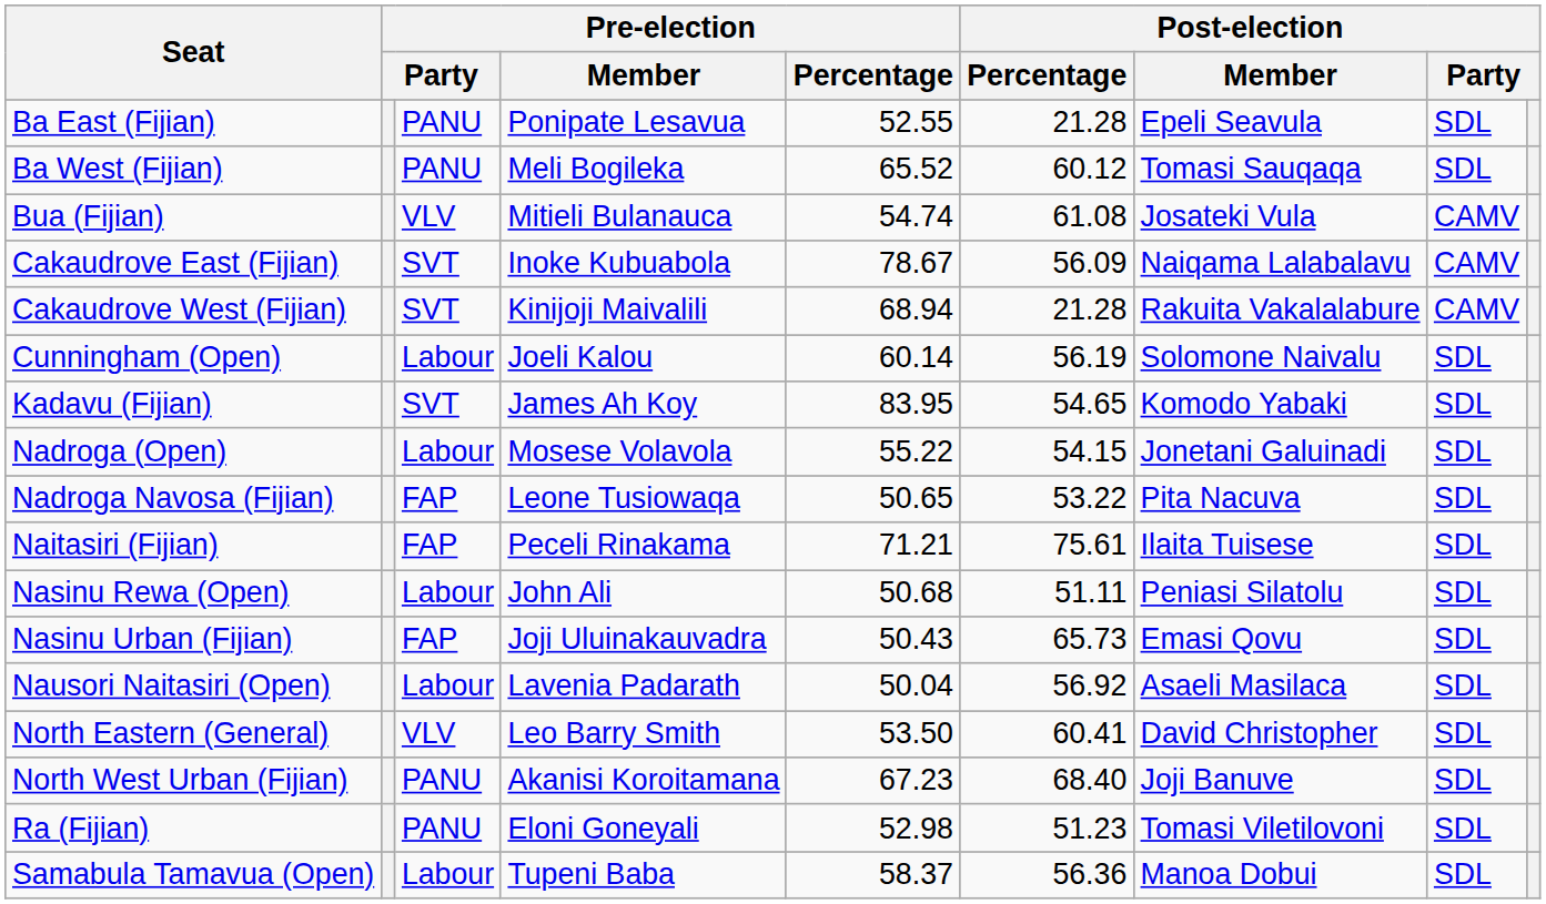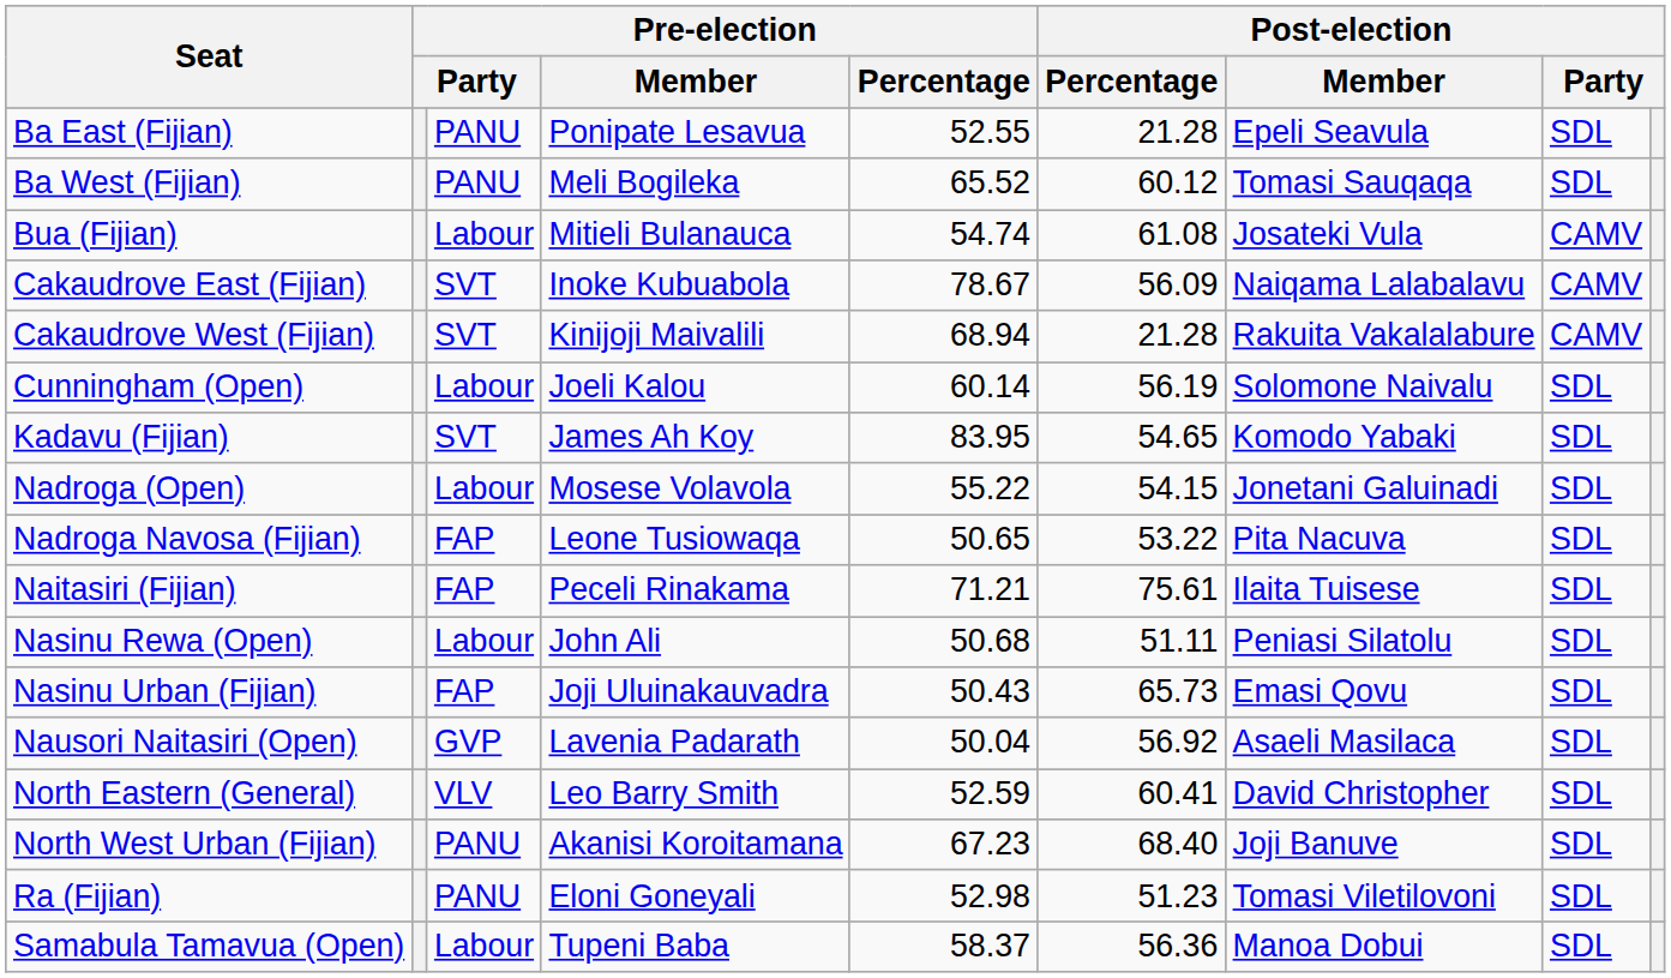 <table class="wikitable sortable">
 <tr style="text-align:center">
 <th rowspan="2">Seat</th>
 <th colspan="4">Pre-election</th>
 <th colspan="4">Post-election</th>
 </tr>
 <tr style="text-align:center">
 <th colspan="2">Party</th>
 <th>Member</th>
 <th>Percentage</th>
 <th>Percentage</th>
 <th>Member</th>
 <th colspan="2">Party</th>
 </tr>
 <tr>
 <td><a href='#'>Ba East (Fijian)</a></td>
 <th style="background-color: "></th>
 <td><a href='#'>PANU</a></td>
 <td><a href='#'>Ponipate Lesavua</a></td>
 <td style="text-align:right;">52.55</td>
 <td style="text-align:right;">21.28</td>
 <td><a href='#'>Epeli Seavula</a></td>
 <td><a href='#'>SDL</a></td>
 <th style="background-color: "></th>
 </tr>
 <tr>
 <td><a href='#'>Ba West (Fijian)</a></td>
 <th style="background-color: "></th>
 <td><a href='#'>PANU</a></td>
 <td><a href='#'>Meli Bogileka</a></td>
 <td style="text-align:right;">65.52</td>
 <td style="text-align:right;">60.12</td>
 <td><a href='#'>Tomasi Sauqaqa</a></td>
 <td><a href='#'>SDL</a></td>
 <th style="background-color: "></th>
 </tr>
 <tr>
 <td><a href='#'>Bua (Fijian)</a></td>
 <th style="background-color: "></th>
-<td><a href='#'>VLV</a></td>
+<td><a href='#'>Labour</a></td>
 <td><a href='#'>Mitieli Bulanauca</a></td>
 <td style="text-align:right;">54.74</td>
 <td style="text-align:right;">61.08</td>
 <td><a href='#'>Josateki Vula</a></td>
 <td><a href='#'>CAMV</a></td>
 <th style="background-color: "></th>
 </tr>
 <tr>
 <td><a href='#'>Cakaudrove East (Fijian)</a></td>
 <th style="background-color: "></th>
 <td><a href='#'>SVT</a></td>
 <td><a href='#'>Inoke Kubuabola</a></td>
 <td style="text-align:right;">78.67</td>
 <td style="text-align:right;">56.09</td>
 <td><a href='#'>Naiqama Lalabalavu</a></td>
 <td><a href='#'>CAMV</a></td>
 <th style="background-color: "></th>
 </tr>
 <tr>
 <td><a href='#'>Cakaudrove West (Fijian)</a></td>
 <th style="background-color: "></th>
 <td><a href='#'>SVT</a></td>
 <td><a href='#'>Kinijoji Maivalili</a></td>
 <td style="text-align:right;">68.94</td>
 <td style="text-align:right;">21.28</td>
 <td><a href='#'>Rakuita Vakalalabure</a></td>
 <td><a href='#'>CAMV</a></td>
 <th style="background-color: "></th>
 </tr>
 <tr>
 <td><a href='#'>Cunningham (Open)</a></td>
 <th style="background-color: "></th>
 <td><a href='#'>Labour</a></td>
 <td><a href='#'>Joeli Kalou</a></td>
 <td style="text-align:right;">60.14</td>
 <td style="text-align:right;">56.19</td>
 <td><a href='#'>Solomone Naivalu</a></td>
 <td><a href='#'>SDL</a></td>
 <th style="background-color: "></th>
 </tr>
 <tr>
 <td><a href='#'>Kadavu (Fijian)</a></td>
 <th style="background-color: "></th>
 <td><a href='#'>SVT</a></td>
 <td><a href='#'>James Ah Koy</a></td>
 <td style="text-align:right;">83.95</td>
 <td style="text-align:right;">54.65</td>
 <td><a href='#'>Komodo Yabaki</a></td>
 <td><a href='#'>SDL</a></td>
 <th style="background-color: "></th>
 </tr>
 <tr>
 <td><a href='#'>Nadroga (Open)</a></td>
 <th style="background-color: "></th>
 <td><a href='#'>Labour</a></td>
 <td><a href='#'>Mosese Volavola</a></td>
 <td style="text-align:right;">55.22</td>
 <td style="text-align:right;">54.15</td>
 <td><a href='#'>Jonetani Galuinadi</a></td>
 <td><a href='#'>SDL</a></td>
 <th style="background-color: "></th>
 </tr>
 <tr>
 <td><a href='#'>Nadroga Navosa (Fijian)</a></td>
 <th style="background-color: "></th>
 <td><a href='#'>FAP</a></td>
 <td><a href='#'>Leone Tusiowaqa</a></td>
 <td style="text-align:right;">50.65</td>
 <td style="text-align:right;">53.22</td>
 <td><a href='#'>Pita Nacuva</a></td>
 <td><a href='#'>SDL</a></td>
 <th style="background-color: "></th>
 </tr>
 <tr>
 <td><a href='#'>Naitasiri (Fijian)</a></td>
 <th style="background-color: "></th>
 <td><a href='#'>FAP</a></td>
 <td><a href='#'>Peceli Rinakama</a></td>
 <td style="text-align:right;">71.21</td>
 <td style="text-align:right;">75.61</td>
 <td><a href='#'>Ilaita Tuisese</a></td>
 <td><a href='#'>SDL</a></td>
 <th style="background-color: "></th>
 </tr>
 <tr>
 <td><a href='#'>Nasinu Rewa (Open)</a></td>
 <th style="background-color: "></th>
 <td><a href='#'>Labour</a></td>
 <td><a href='#'>John Ali</a></td>
 <td style="text-align:right;">50.68</td>
 <td style="text-align:right;">51.11</td>
 <td><a href='#'>Peniasi Silatolu</a></td>
 <td><a href='#'>SDL</a></td>
 <th style="background-color: "></th>
 </tr>
 <tr>
 <td><a href='#'>Nasinu Urban (Fijian)</a></td>
 <th style="background-color: "></th>
 <td><a href='#'>FAP</a></td>
 <td><a href='#'>Joji Uluinakauvadra</a></td>
 <td style="text-align:right;">50.43</td>
 <td style="text-align:right;">65.73</td>
 <td><a href='#'>Emasi Qovu</a></td>
 <td><a href='#'>SDL</a></td>
 <th style="background-color: "></th>
 </tr>
 <tr>
 <td><a href='#'>Nausori Naitasiri (Open)</a></td>
 <th style="background-color: "></th>
-<td><a href='#'>Labour</a></td>
+<td><a href='#'>GVP</a></td>
 <td><a href='#'>Lavenia Padarath</a></td>
 <td style="text-align:right;">50.04</td>
 <td style="text-align:right;">56.92</td>
 <td><a href='#'>Asaeli Masilaca</a></td>
 <td><a href='#'>SDL</a></td>
 <th style="background-color: "></th>
 </tr>
 <tr>
 <td><a href='#'>North Eastern (General)</a></td>
 <th style="background-color: "></th>
 <td><a href='#'>VLV</a></td>
 <td><a href='#'>Leo Barry Smith</a></td>
-<td style="text-align:right;">53.50</td>
+<td style="text-align:right;">52.59</td>
 <td style="text-align:right;">60.41</td>
 <td><a href='#'>David Christopher</a></td>
 <td><a href='#'>SDL</a></td>
 <th style="background-color: "></th>
 </tr>
 <tr>
 <td><a href='#'>North West Urban (Fijian)</a></td>
 <th style="background-color: "></th>
 <td><a href='#'>PANU</a></td>
 <td><a href='#'>Akanisi Koroitamana</a></td>
 <td style="text-align:right;">67.23</td>
 <td style="text-align:right;">68.40</td>
 <td><a href='#'>Joji Banuve</a></td>
 <td><a href='#'>SDL</a></td>
 <th style="background-color: "></th>
 </tr>
 <tr>
 <td><a href='#'>Ra (Fijian)</a></td>
 <th style="background-color: "></th>
 <td><a href='#'>PANU</a></td>
 <td><a href='#'>Eloni Goneyali</a></td>
 <td style="text-align:right;">52.98</td>
 <td style="text-align:right;">51.23</td>
 <td><a href='#'>Tomasi Viletilovoni</a></td>
 <td><a href='#'>SDL</a></td>
 <th style="background-color: "></th>
 </tr>
 <tr>
 <td><a href='#'>Samabula Tamavua (Open)</a></td>
 <th style="background-color: "></th>
 <td><a href='#'>Labour</a></td>
 <td><a href='#'>Tupeni Baba</a></td>
 <td style="text-align:right;">58.37</td>
 <td style="text-align:right;">56.36</td>
 <td><a href='#'>Manoa Dobui</a></td>
 <td><a href='#'>SDL</a></td>
 <th style="background-color: "></th>
 </tr>
 </table>
